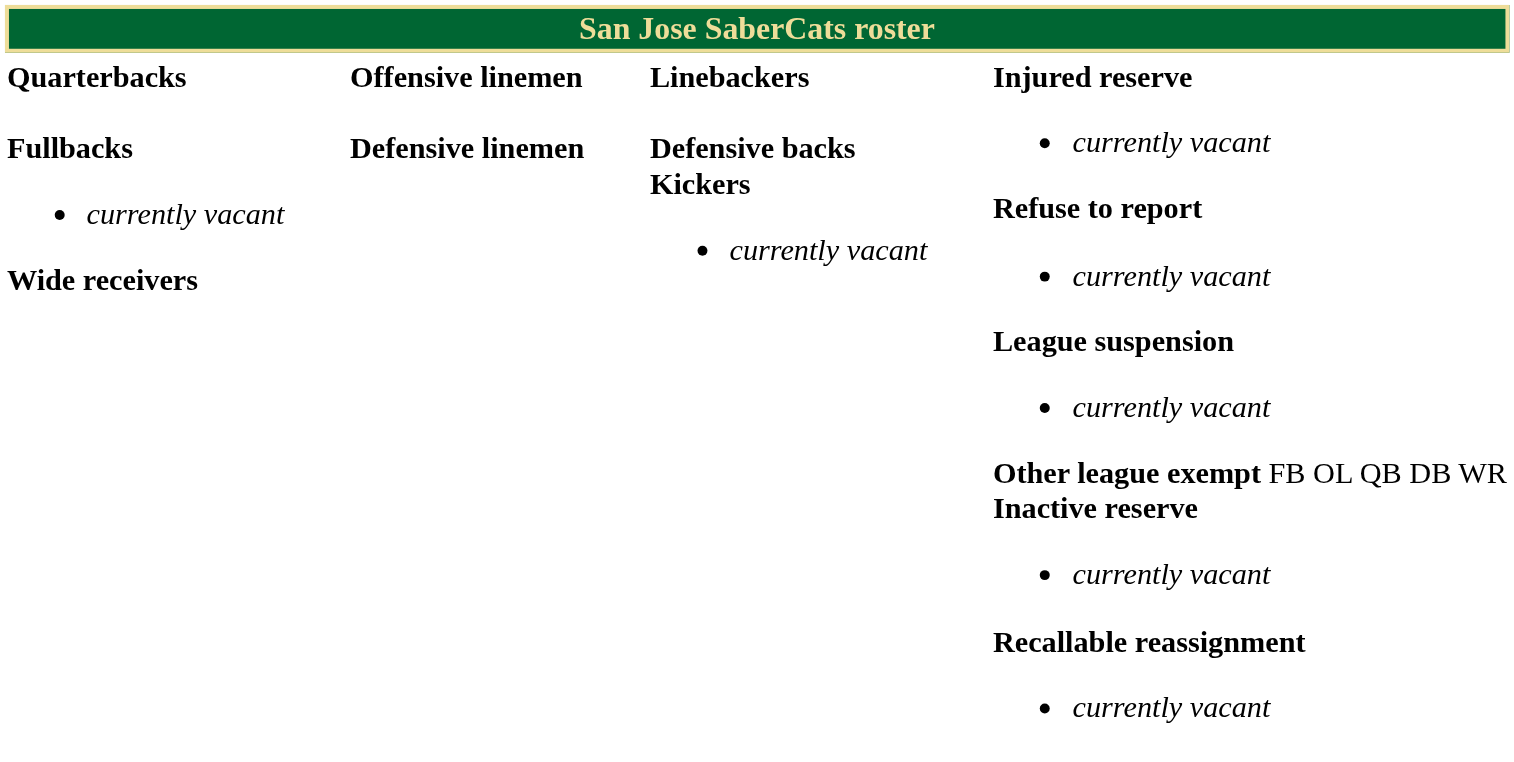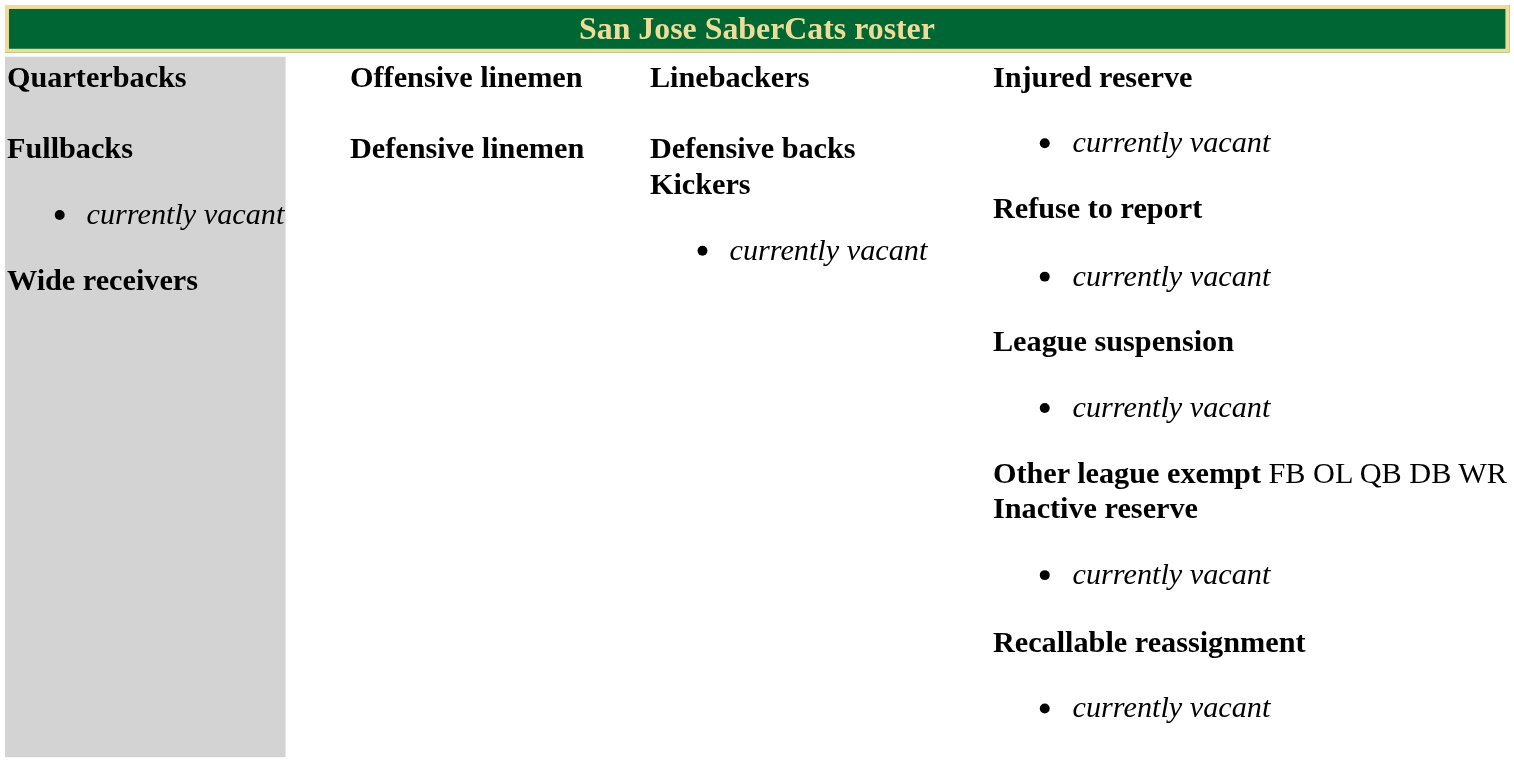 <table class="toccolours" style="text-align: left;">
 <tr>
 <th colspan=9 style="text-align:center; color:#ed9; background-color:#063; border: 2px solid #ed9;">San Jose SaberCats roster</th>
 </tr>
 <tr>
-<td style="font-size: 95%;vertical-align:top;"><strong>Quarterbacks</strong><br><br><strong>Fullbacks</strong><ul><li><em>currently vacant</em></li></ul><strong>Wide receivers</strong>        </td>
+<td style="background: lightgrey; font-size: 95%;vertical-align:top;"><strong>Quarterbacks</strong><br><br><strong>Fullbacks</strong><ul><li><em>currently vacant</em></li></ul><strong>Wide receivers</strong>        </td>
 <td style="width: 25px;"></td>
 <td style="font-size: 95%;vertical-align:top;"><strong>Offensive linemen</strong><br>       <br><strong>Defensive linemen</strong>      </td>
 <td style="width: 25px;"></td>
 <td style="font-size: 95%;vertical-align:top;"><strong>Linebackers</strong><br><br><strong>Defensive backs</strong>     <br><strong>Kickers</strong><ul><li><em>currently vacant</em></li></ul></td>
 <td style="width: 25px;"></td>
 <td style="font-size: 95%;vertical-align:top;"><strong>Injured reserve</strong><br><ul><li><em>currently vacant</em></li></ul><strong>Refuse to report</strong><ul><li><em>currently vacant</em></li></ul><strong>League suspension</strong><ul><li><em>currently vacant</em></li></ul><strong>Other league exempt</strong>  FB  OL  QB  DB  WR<br><strong>Inactive reserve</strong><ul><li><em>currently vacant</em></li></ul><strong>Recallable reassignment</strong><ul><li><em>currently vacant</em></li></ul></td>
 </tr>
 <tr>
 </tr>
 </table>
